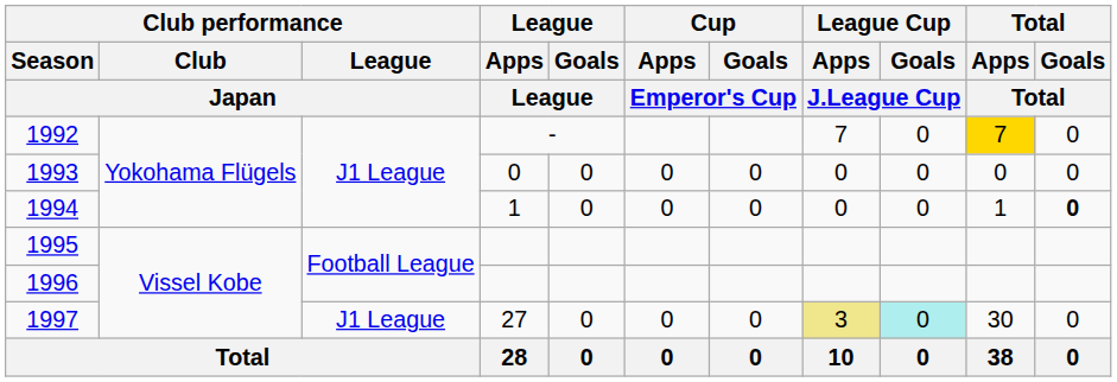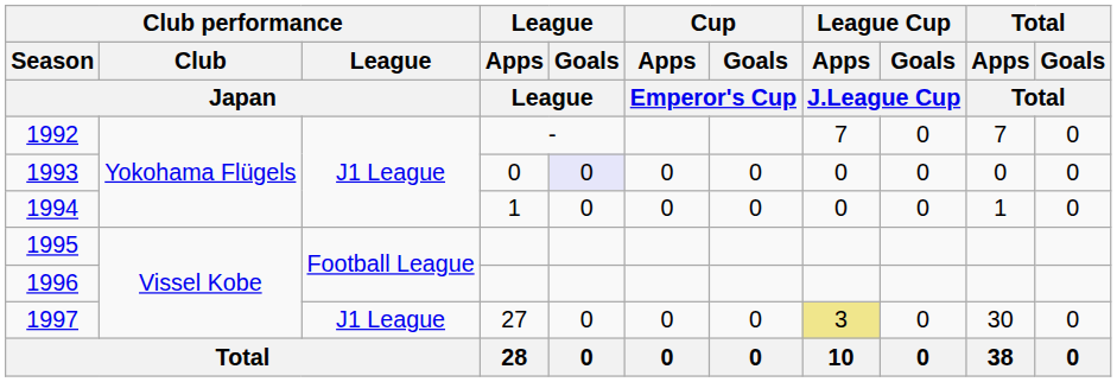 <table class="wikitable" style="text-align:center;">
 <tr>
 <th colspan=3>Club performance</th>
 <th colspan=2>League</th>
 <th colspan=2>Cup</th>
 <th colspan=2>League Cup</th>
 <th colspan=2>Total</th>
 </tr>
 <tr>
 <th>Season</th>
 <th>Club</th>
 <th>League</th>
 <th>Apps</th>
 <th>Goals</th>
 <th>Apps</th>
 <th>Goals</th>
 <th>Apps</th>
 <th>Goals</th>
 <th>Apps</th>
 <th>Goals</th>
 </tr>
 <tr>
 <th colspan=3>Japan</th>
 <th colspan=2>League</th>
 <th colspan=2><a href='#'>Emperor's Cup</a></th>
 <th colspan=2><a href='#'>J.League Cup</a></th>
 <th colspan=2>Total</th>
 </tr>
 <tr>
 <td><a href='#'>1992</a></td>
 <td rowspan=3><a href='#'>Yokohama Flügels</a></td>
 <td rowspan=3><a href='#'>J1 League</a></td>
 <td colspan=2>-</td>
 <td></td>
 <td></td>
 <td>7</td>
 <td>0</td>
-<td style="background: gold;">7</td>
+<td>7</td>
 <td>0</td>
 </tr>
 <tr>
 <td><a href='#'>1993</a></td>
 <td>0</td>
-<td>0</td>
+<td style="background: lavender;">0</td>
 <td>0</td>
 <td>0</td>
 <td>0</td>
 <td>0</td>
 <td>0</td>
 <td>0</td>
 </tr>
 <tr>
 <td><a href='#'>1994</a></td>
 <td>1</td>
 <td>0</td>
 <td>0</td>
 <td>0</td>
 <td>0</td>
 <td>0</td>
 <td>1</td>
-<td><strong>0</strong></td>
+<td>0</td>
 </tr>
 <tr>
 <td><a href='#'>1995</a></td>
 <td rowspan=3><a href='#'>Vissel Kobe</a></td>
 <td rowspan=2><a href='#'>Football League</a></td>
 <td></td>
 <td></td>
 <td></td>
 <td></td>
 <td></td>
 <td></td>
 <td></td>
 <td></td>
 </tr>
 <tr>
 <td><a href='#'>1996</a></td>
 <td></td>
 <td></td>
 <td></td>
 <td></td>
 <td></td>
 <td></td>
 <td></td>
 <td></td>
 </tr>
 <tr>
 <td><a href='#'>1997</a></td>
 <td><a href='#'>J1 League</a></td>
 <td>27</td>
 <td>0</td>
 <td>0</td>
 <td>0</td>
 <td style="background: khaki;">3</td>
-<td style="background: paleturquoise;">0</td>
+<td>0</td>
 <td>30</td>
 <td>0</td>
 </tr>
 <tr>
 <th colspan=3>Total</th>
 <th>28</th>
 <th>0</th>
 <th>0</th>
 <th>0</th>
 <th>10</th>
 <th>0</th>
 <th>38</th>
 <th>0</th>
 </tr>
 </table>
